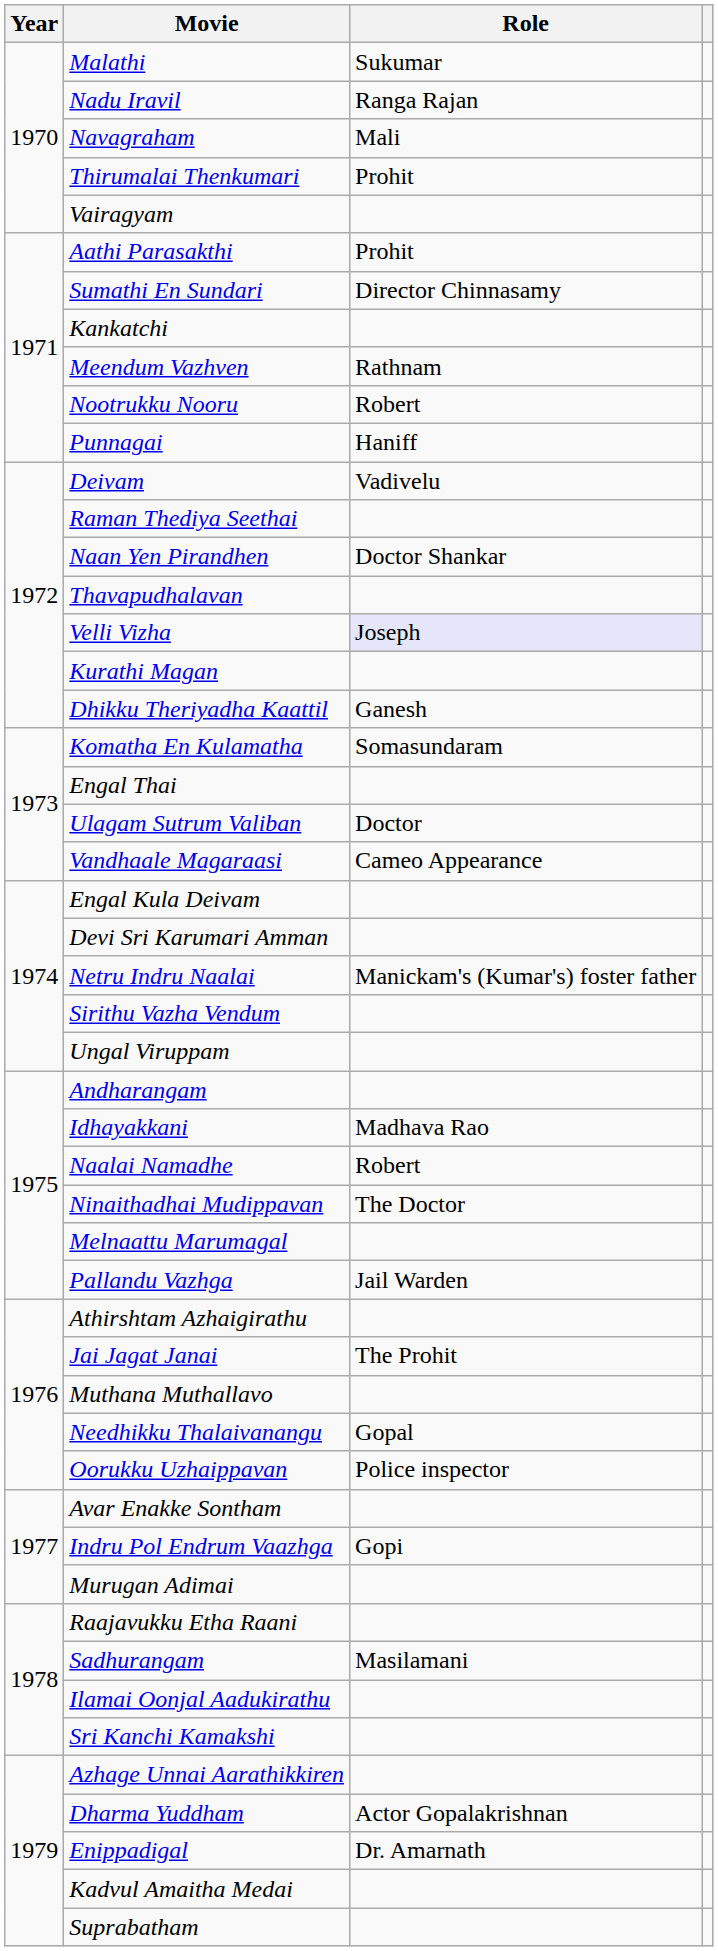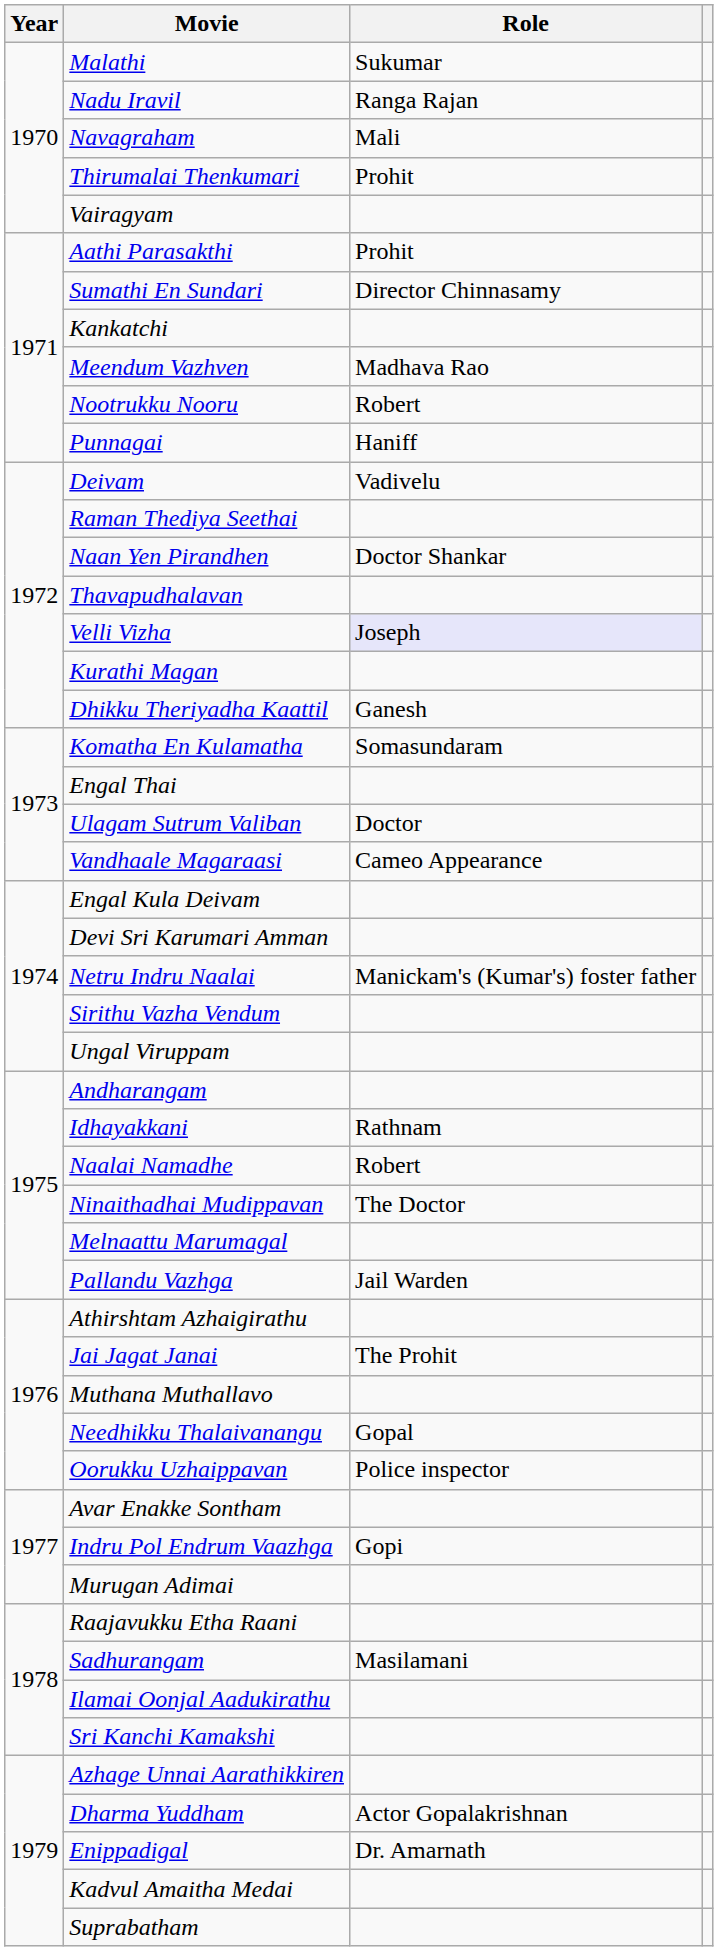 <table class="wikitable">
 <tr>
 <th>Year</th>
 <th>Movie</th>
 <th>Role</th>
 <th class="unsortable"></th>
 </tr>
 <tr>
 <td rowspan=5>1970</td>
 <td><em><a href='#'>Malathi</a></em></td>
 <td>Sukumar</td>
 <td></td>
 </tr>
 <tr>
 <td><em><a href='#'>Nadu Iravil</a></em></td>
 <td>Ranga Rajan</td>
 <td></td>
 </tr>
 <tr>
 <td><em><a href='#'>Navagraham</a></em></td>
 <td>Mali</td>
 <td></td>
 </tr>
 <tr>
 <td><em><a href='#'>Thirumalai Thenkumari</a></em></td>
 <td>Prohit</td>
 <td></td>
 </tr>
 <tr>
 <td><em>Vairagyam</em></td>
 <td></td>
 <td></td>
 </tr>
 <tr>
 <td rowspan=6>1971</td>
 <td><em><a href='#'>Aathi Parasakthi</a></em></td>
 <td>Prohit</td>
 <td></td>
 </tr>
 <tr>
 <td><em><a href='#'>Sumathi En Sundari</a> </em></td>
 <td>Director Chinnasamy</td>
 <td></td>
 </tr>
 <tr>
 <td><em>Kankatchi</em></td>
 <td></td>
 <td></td>
 </tr>
 <tr>
 <td><em><a href='#'>Meendum Vazhven</a></em></td>
-<td>Rathnam</td>
+<td>Madhava Rao</td>
 <td></td>
 </tr>
 <tr>
 <td><em><a href='#'>Nootrukku Nooru</a></em></td>
 <td>Robert</td>
 <td></td>
 </tr>
 <tr>
 <td><em><a href='#'>Punnagai</a></em></td>
 <td>Haniff</td>
 <td></td>
 </tr>
 <tr>
 <td rowspan="7">1972</td>
 <td><em><a href='#'>Deivam</a></em></td>
 <td>Vadivelu</td>
 <td></td>
 </tr>
 <tr>
 <td><a href='#'><em>Raman Thediya Seethai</em></a></td>
 <td></td>
 <td></td>
 </tr>
 <tr>
 <td><em><a href='#'>Naan Yen Pirandhen</a></em></td>
 <td>Doctor Shankar</td>
 <td></td>
 </tr>
 <tr>
 <td><em><a href='#'>Thavapudhalavan</a></em></td>
 <td></td>
 <td></td>
 </tr>
 <tr>
 <td><em><a href='#'>Velli Vizha</a></em></td>
 <td style="background: lavender;">Joseph</td>
 <td></td>
 </tr>
 <tr>
 <td><em><a href='#'>Kurathi Magan</a></em></td>
 <td></td>
 <td></td>
 </tr>
 <tr>
 <td><em><a href='#'>Dhikku Theriyadha Kaattil</a></em></td>
 <td>Ganesh</td>
 <td></td>
 </tr>
 <tr>
 <td rowspan=4>1973</td>
 <td><em><a href='#'>Komatha En Kulamatha</a></em></td>
 <td>Somasundaram</td>
 <td></td>
 </tr>
 <tr>
 <td><em>Engal Thai</em></td>
 <td></td>
 <td></td>
 </tr>
 <tr>
 <td><em><a href='#'>Ulagam Sutrum Valiban</a></em></td>
 <td>Doctor</td>
 <td></td>
 </tr>
 <tr>
 <td><em><a href='#'>Vandhaale Magaraasi</a></em></td>
 <td>Cameo Appearance</td>
 <td></td>
 </tr>
 <tr>
 <td rowspan=5>1974</td>
 <td><em>Engal Kula Deivam</em></td>
 <td></td>
 <td></td>
 </tr>
 <tr>
 <td><em>Devi Sri Karumari Amman </em></td>
 <td></td>
 <td></td>
 </tr>
 <tr>
 <td><em><a href='#'>Netru Indru Naalai</a></em></td>
 <td>Manickam's (Kumar's) foster father</td>
 <td></td>
 </tr>
 <tr>
 <td><em><a href='#'>Sirithu Vazha Vendum</a></em></td>
 <td></td>
 <td></td>
 </tr>
 <tr>
 <td><em>Ungal Viruppam</em></td>
 <td></td>
 <td></td>
 </tr>
 <tr>
 <td rowspan=6>1975</td>
 <td><em><a href='#'>Andharangam</a></em></td>
 <td></td>
 <td></td>
 </tr>
 <tr>
 <td><em><a href='#'>Idhayakkani</a></em></td>
-<td>Madhava Rao</td>
+<td>Rathnam</td>
 <td></td>
 </tr>
 <tr>
 <td><em><a href='#'>Naalai Namadhe</a></em></td>
 <td>Robert</td>
 <td></td>
 </tr>
 <tr>
 <td><em><a href='#'>Ninaithadhai Mudippavan</a></em></td>
 <td>The Doctor</td>
 <td></td>
 </tr>
 <tr>
 <td><em><a href='#'>Melnaattu Marumagal</a></em></td>
 <td></td>
 <td></td>
 </tr>
 <tr>
 <td><em><a href='#'>Pallandu Vazhga</a></em></td>
 <td>Jail Warden</td>
 <td></td>
 </tr>
 <tr>
 <td rowspan="5">1976</td>
 <td><em>Athirshtam Azhaigirathu</em></td>
 <td></td>
 <td></td>
 </tr>
 <tr>
 <td><em><a href='#'>Jai Jagat Janai</a></em></td>
 <td>The Prohit</td>
 <td></td>
 </tr>
 <tr>
 <td><em>Muthana Muthallavo</em></td>
 <td></td>
 <td></td>
 </tr>
 <tr>
 <td><em><a href='#'>Needhikku Thalaivanangu</a></em></td>
 <td>Gopal</td>
 <td></td>
 </tr>
 <tr>
 <td><em><a href='#'>Oorukku Uzhaippavan</a></em></td>
 <td>Police inspector</td>
 <td></td>
 </tr>
 <tr>
 <td rowspan=3>1977</td>
 <td><em>Avar Enakke Sontham</em></td>
 <td></td>
 <td></td>
 </tr>
 <tr>
 <td><em><a href='#'>Indru Pol Endrum Vaazhga</a></em></td>
 <td>Gopi</td>
 <td></td>
 </tr>
 <tr>
 <td><em>Murugan Adimai</em></td>
 <td></td>
 <td></td>
 </tr>
 <tr>
 <td rowspan="4">1978</td>
 <td><em>Raajavukku Etha Raani</em></td>
 <td></td>
 <td></td>
 </tr>
 <tr>
 <td><em><a href='#'>Sadhurangam</a></em></td>
 <td>Masilamani</td>
 <td></td>
 </tr>
 <tr>
 <td><em><a href='#'>Ilamai Oonjal Aadukirathu</a></em></td>
 <td></td>
 <td></td>
 </tr>
 <tr>
 <td><em><a href='#'>Sri Kanchi Kamakshi</a></em></td>
 <td></td>
 <td></td>
 </tr>
 <tr>
 <td rowspan=5>1979</td>
 <td><em><a href='#'>Azhage Unnai Aarathikkiren</a></em></td>
 <td></td>
 <td></td>
 </tr>
 <tr>
 <td><em><a href='#'>Dharma Yuddham</a></em></td>
 <td>Actor Gopalakrishnan</td>
 <td></td>
 </tr>
 <tr>
 <td><em><a href='#'>Enippadigal</a></em></td>
 <td>Dr. Amarnath</td>
 <td></td>
 </tr>
 <tr>
 <td><em>Kadvul Amaitha Medai</em></td>
 <td></td>
 <td></td>
 </tr>
 <tr>
 <td><em>Suprabatham</em></td>
 <td></td>
 <td></td>
 </tr>
 </table>
